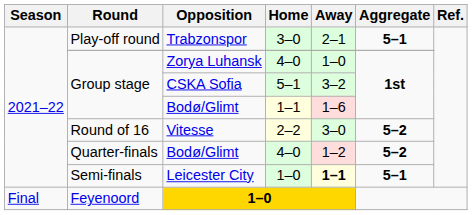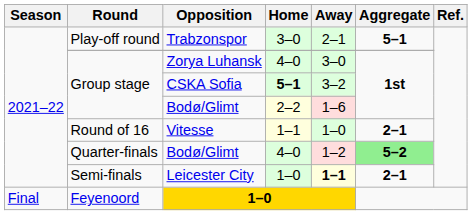 <table class="wikitable">
 <tr>
 <th>Season</th>
 <th>Round</th>
 <th>Opposition</th>
 <th>Home</th>
 <th>Away</th>
 <th>Aggregate</th>
 <th>Ref.</th>
 </tr>
 <tr>
 <td rowspan="8"><a href='#'>2021–22</a></td>
 <td>Play-off round</td>
 <td> <a href='#'>Trabzonspor</a></td>
 <td style="text-align:center; background:#dfd;">3–0</td>
 <td style="text-align:center; background:#dfd;">2–1</td>
 <td style="text-align:center;"><strong>5–1</strong></td>
 <td rowspan="8" style="text-align:center;"></td>
 </tr>
 <tr>
 </tr>
 <tr>
 <td rowspan=3>Group stage</td>
 <td> <a href='#'>Zorya Luhansk</a></td>
 <td style="text-align:center; background:#dfd;">4–0</td>
-<td style="text-align:center; background:#dfd;">1–0</td>
+<td style="text-align:center; background:#dfd;">3–0</td>
 <td style="text-align:center;" rowspan=3><strong>1st</strong></td>
 </tr>
 <tr>
 <td> <a href='#'>CSKA Sofia</a></td>
-<td style="text-align:center; background:#dfd;">5–1</td>
+<td style="text-align:center; background:#dfd;"><strong>5–1</strong></td>
 <td style="text-align:center; background:#dfd;">3–2</td>
 </tr>
 <tr>
 <td> <a href='#'>Bodø/Glimt</a></td>
-<td style="text-align:center; background:#ffd;">1–1</td>
+<td style="text-align:center; background:#ffd;">2–2</td>
 <td style="text-align:center; background:#fdd;">1–6</td>
 </tr>
 <tr>
 <td>Round of 16</td>
 <td> <a href='#'>Vitesse</a></td>
-<td style="text-align:center; background:#ffd;">2–2</td>
-<td style="text-align:center; background:#dfd;">3–0</td>
-<td style="text-align:center;"><strong>5–2</strong></td>
+<td style="text-align:center; background:#ffd;">1–1</td>
+<td style="text-align:center; background:#dfd;">1–0</td>
+<td style="text-align:center;"><strong>2–1</strong></td>
 </tr>
 <tr>
 <td>Quarter-finals</td>
 <td> <a href='#'>Bodø/Glimt</a></td>
 <td style="text-align:center; background:#dfd;">4–0</td>
 <td style="text-align:center; background:#fdd;">1–2</td>
-<td style="text-align:center;"><strong>5–2</strong></td>
+<td style="background: lightgreen; text-align:center;"><strong>5–2</strong></td>
 </tr>
 <tr>
 <td>Semi-finals</td>
 <td> <a href='#'>Leicester City</a></td>
 <td style="text-align:center; background:#dfd;">1–0</td>
 <td style="text-align:center; background:#ffd;"><strong>1–1</strong></td>
-<td style="text-align:center;"><strong>5–1</strong></td>
+<td style="text-align:center;"><strong>2–1</strong></td>
 </tr>
 <tr>
 <td><a href='#'>Final</a></td>
 <td> <a href='#'>Feyenoord</a></td>
 <td colspan=3 bgcolor=gold style="text-align:center;"><strong>1–0</strong></td>
 </tr>
 </table>
